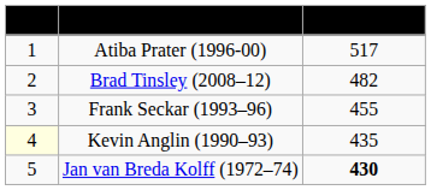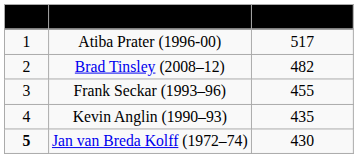 <table class="wikitable" style="text-align: center;">
 <tr>
 <td bgcolor="black"><span><strong>Rank</strong></span></td>
 <td bgcolor="black"><span><strong>Player</strong></span></td>
 <td bgcolor="black"><span><strong>Career Assists </strong></span></td>
 </tr>
 <tr align="center">
 </tr>
 <tr>
 <td>1</td>
 <td>Atiba Prater (1996-00)</td>
 <td>517</td>
 </tr>
 <tr>
 <td>2</td>
 <td><a href='#'>Brad Tinsley</a> (2008–12)</td>
 <td>482</td>
 </tr>
 <tr>
 <td>3</td>
 <td>Frank Seckar (1993–96)</td>
 <td>455</td>
 </tr>
 <tr>
-<td style="background: lightyellow;">4</td>
+<td>4</td>
 <td>Kevin Anglin (1990–93)</td>
 <td>435</td>
 </tr>
 <tr>
-<td>5</td>
+<td><strong>5</strong></td>
 <td><a href='#'>Jan van Breda Kolff</a> (1972–74)</td>
-<td><strong>430</strong></td>
+<td>430</td>
 </tr>
 </table>
